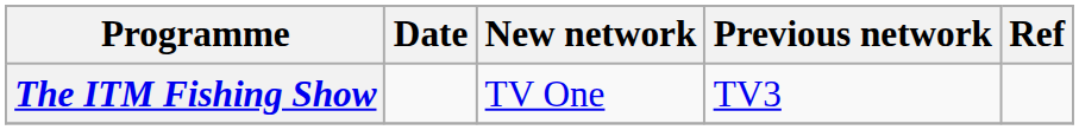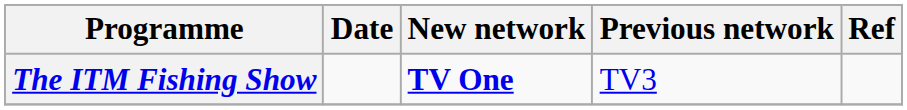 <table class="wikitable plainrowheaders sortable" style="text-align:left">
 <tr>
 <th scope="col">Programme</th>
 <th scope="col">Date</th>
 <th scope="col">New network</th>
 <th scope="col">Previous network</th>
 <th scope="col" class="unsortable">Ref</th>
 </tr>
 <tr>
 <th scope="row"><em><a href='#'>The ITM Fishing Show</a></em></th>
 <td align=center></td>
-<td><a href='#'>TV One</a></td>
+<td><strong><a href='#'>TV One</a></strong></td>
 <td><a href='#'>TV3</a></td>
 <td align=center></td>
 </tr>
 <tr>
 </tr>
 </table>
